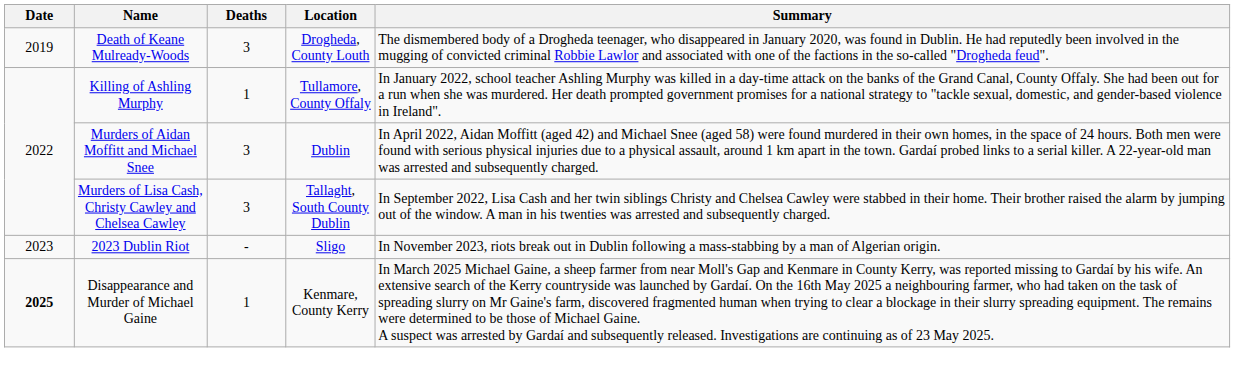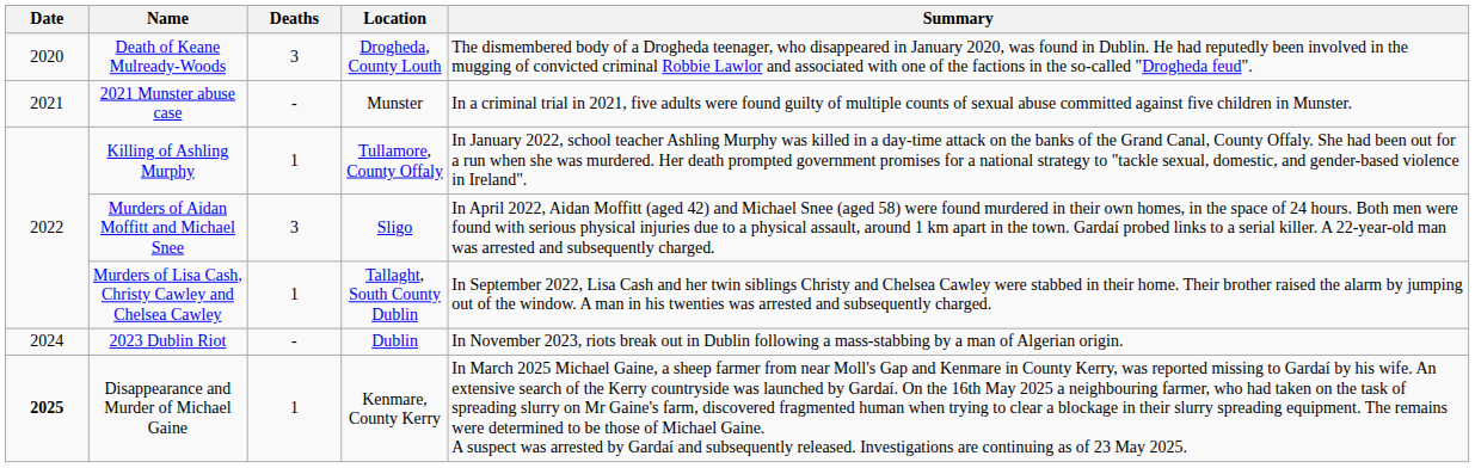 <table class="sortable wikitable" width="100%" style="text-align:center; font-size:90%;">
 <tr>
 <th width="65px">Date</th>
 <th width="130px">Name</th>
 <th width="75px">Deaths</th>
 <th width="85px">Location</th>
 <th>Summary</th>
 </tr>
 <tr>
-<td>2019</td>
+<td>2020</td>
 <td><a href='#'>Death of Keane Mulready-Woods</a></td>
 <td>3</td>
 <td><a href='#'>Drogheda</a>, <a href='#'>County Louth</a></td>
 <td align=left>The dismembered body of a Drogheda teenager, who disappeared in January 2020, was found in Dublin. He had reputedly been involved in the mugging of convicted criminal <a href='#'>Robbie Lawlor</a> and associated with one of the factions in the so-called "<a href='#'>Drogheda feud</a>".</td>
+</tr>
+<tr>
+<td>2021</td>
+<td><a href='#'>2021 Munster abuse case</a></td>
+<td>-</td>
+<td>Munster</td>
+<td align=left>In a criminal trial in 2021, five adults were found guilty of multiple counts of sexual abuse committed against five children in Munster.</td>
 </tr>
 <tr>
 <td rowspan="3">2022</td>
 <td><a href='#'>Killing of Ashling Murphy</a></td>
 <td>1</td>
 <td><a href='#'>Tullamore</a>, <a href='#'>County Offaly</a></td>
 <td align=left>In January 2022, school teacher Ashling Murphy was killed in a day-time attack on the banks of the Grand Canal, County Offaly. She had been out for a run when she was murdered. Her death prompted government promises for a national strategy to "tackle sexual, domestic, and gender-based violence in Ireland".</td>
 </tr>
 <tr>
 <td><a href='#'>Murders of Aidan Moffitt and Michael Snee</a></td>
 <td>3</td>
-<td><a href='#'>Dublin</a></td>
+<td><a href='#'>Sligo</a></td>
 <td align=left>In April 2022, Aidan Moffitt (aged 42) and Michael Snee (aged 58) were found murdered in their own homes, in the space of 24 hours. Both men were found with serious physical injuries due to a physical assault, around 1 km apart in the town. Gardaí probed links to a serial killer. A 22-year-old man was arrested and subsequently charged.</td>
 </tr>
 <tr>
 <td><a href='#'>Murders of Lisa Cash, Christy Cawley and Chelsea Cawley</a></td>
-<td>3</td>
+<td>1</td>
 <td><a href='#'>Tallaght</a>, <a href='#'>South County Dublin</a></td>
 <td align=left>In September 2022, Lisa Cash and her twin siblings Christy and Chelsea Cawley were stabbed in their home. Their brother raised the alarm by jumping out of the window. A man in his twenties was arrested and subsequently charged.</td>
 </tr>
 <tr>
-<td>2023</td>
+<td>2024</td>
 <td><a href='#'>2023 Dublin Riot</a></td>
 <td>-</td>
-<td><a href='#'>Sligo</a></td>
+<td><a href='#'>Dublin</a></td>
 <td align=left>In November 2023, riots break out in Dublin following a mass-stabbing by a man of Algerian origin.</td>
 </tr>
 <tr>
 <td><strong>2025</strong></td>
 <td>Disappearance and Murder of Michael Gaine</td>
 <td>1</td>
 <td>Kenmare, County Kerry</td>
 <td align="left">In March 2025 Michael Gaine, a sheep farmer from near Moll's Gap and Kenmare in County Kerry, was reported missing to Gardaí by his wife. An extensive search of the Kerry countryside was launched by Gardaí. On the 16th May 2025 a neighbouring farmer, who had taken on the task of spreading slurry on Mr Gaine's farm, discovered fragmented human when trying to clear a blockage in their slurry spreading equipment. The remains were determined to be those of Michael Gaine.<br>A suspect was arrested by Gardaí and subsequently released. Investigations are continuing as of 23 May 2025.</td>
 </tr>
 </table>
